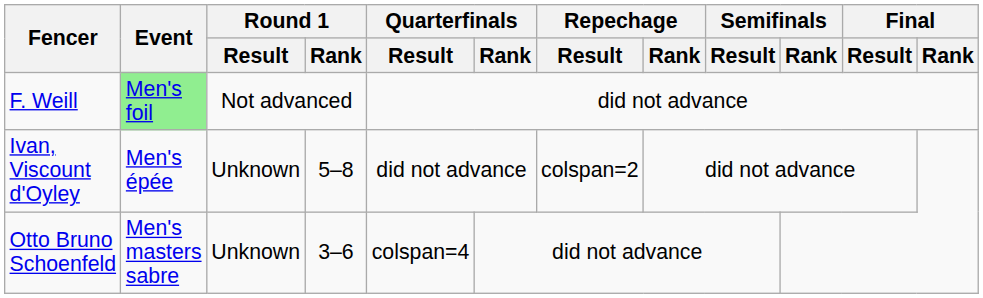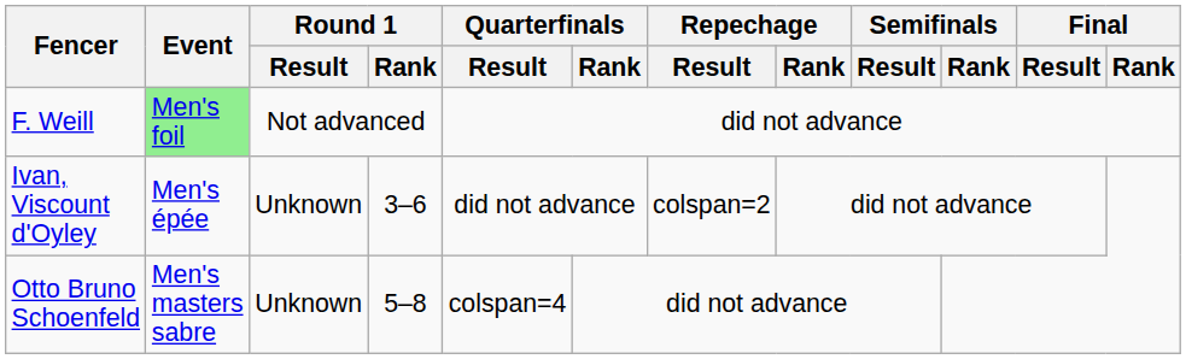 <table class="wikitable sortable" style="text-align:center">
 <tr>
 <th rowspan=2>Fencer</th>
 <th rowspan=2>Event</th>
 <th colspan=2>Round 1</th>
 <th colspan=2>Quarterfinals</th>
 <th colspan=2>Repechage</th>
 <th colspan=2>Semifinals</th>
 <th colspan=2>Final</th>
 </tr>
 <tr>
 <th>Result</th>
 <th>Rank</th>
 <th>Result</th>
 <th>Rank</th>
 <th>Result</th>
 <th>Rank</th>
 <th>Result</th>
 <th>Rank</th>
 <th>Result</th>
 <th>Rank</th>
 </tr>
 <tr>
 <td align=left><a href='#'>F. Weill</a></td>
 <td align=left style="background: lightgreen;"><a href='#'>Men's foil</a></td>
 <td colspan=2>Not advanced</td>
 <td colspan=8>did not advance</td>
 </tr>
 <tr>
 <td align=left><a href='#'>Ivan, Viscount d'Oyley</a></td>
 <td align=left><a href='#'>Men's épée</a></td>
 <td>Unknown</td>
-<td>5–8</td>
+<td>3–6</td>
 <td colspan=2>did not advance</td>
 <td>colspan=2 </td>
 <td colspan=4>did not advance</td>
 </tr>
 <tr>
 <td align=left><a href='#'>Otto Bruno Schoenfeld</a></td>
 <td align=left><a href='#'>Men's masters sabre</a></td>
 <td>Unknown</td>
-<td>3–6</td>
+<td>5–8</td>
 <td>colspan=4 </td>
 <td colspan=4>did not advance</td>
 </tr>
 </table>
